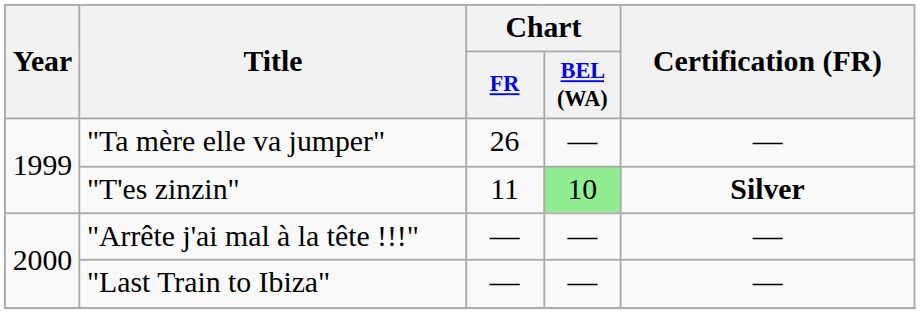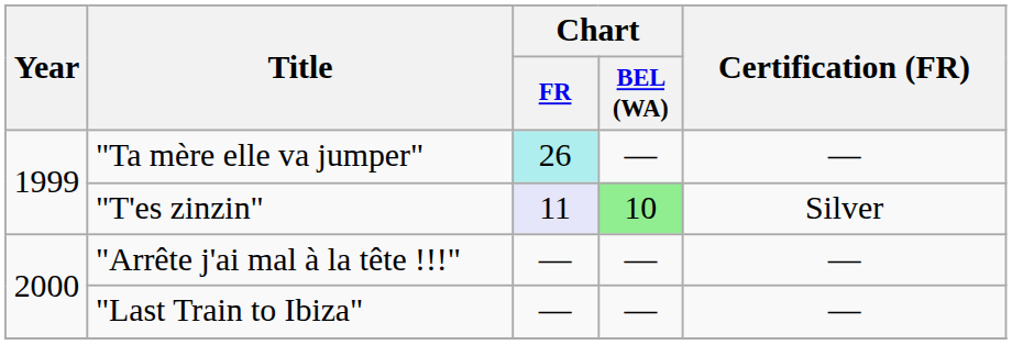 <table class="wikitable">
 <tr>
 <th rowspan="2" width="33">Year</th>
 <th rowspan="2" width="200">Title</th>
 <th colspan="2">Chart</th>
 <th rowspan="2" width="150">Certification (FR)</th>
 </tr>
 <tr>
 <th style="width:3em;font-size:75%"><a href='#'>FR</a></th>
 <th style="width:3em;font-size:75%"><a href='#'>BEL</a> (WA)</th>
 </tr>
 <tr>
 <td align="center" rowspan="2">1999</td>
 <td>"Ta mère elle va jumper"</td>
-<td align="center">26</td>
+<td align="center" style="background: paleturquoise;">26</td>
 <td align="center">—</td>
 <td align="center">—</td>
 </tr>
 <tr>
 <td>"T'es zinzin"</td>
-<td align="center">11</td>
+<td align="center" style="background: lavender;">11</td>
 <td align="center" style="background: lightgreen;">10</td>
-<td align="center"><strong>Silver</strong></td>
+<td align="center">Silver</td>
 </tr>
 <tr>
 <td align="center" rowspan="2">2000</td>
 <td>"Arrête j'ai mal à la tête !!!"</td>
 <td align="center">—</td>
 <td align="center">—</td>
 <td align="center">—</td>
 </tr>
 <tr>
 <td>"Last Train to Ibiza"</td>
 <td align="center">—</td>
 <td align="center">—</td>
 <td align="center">—</td>
 </tr>
 <tr>
 </tr>
 </table>
